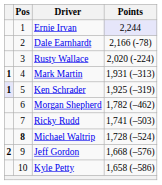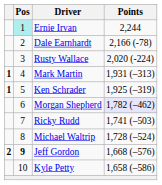 <table class="wikitable" style="font-size: 95%;">
 <tr>
 <th></th>
 <th>Pos</th>
 <th>Driver</th>
 <th>Points</th>
 </tr>
 <tr>
 <td align="left"></td>
-<td style="text-align:center;">1</td>
+<td style="background: paleturquoise; text-align:center;">1</td>
 <td><a href='#'>Ernie Irvan</a></td>
-<td style="background: lavender; text-align:center;">2,244</td>
+<td style="text-align:center;">2,244</td>
 </tr>
 <tr>
 <td align="left"></td>
 <td style="text-align:center;">2</td>
 <td><a href='#'>Dale Earnhardt</a></td>
 <td style="text-align:center;">2,166 (-78)</td>
 </tr>
 <tr>
 <td align="left"></td>
 <td style="text-align:center;">3</td>
 <td><a href='#'>Rusty Wallace</a></td>
 <td style="text-align:center;">2,020 (-224)</td>
 </tr>
 <tr>
 <td align="left"> <strong>1</strong></td>
 <td style="text-align:center;">4</td>
 <td><a href='#'>Mark Martin</a></td>
 <td style="text-align:center;">1,931 (–313)</td>
 </tr>
 <tr>
-<td align="left" style="background: lavender;"> <strong>1</strong></td>
+<td align="left"> <strong>1</strong></td>
 <td style="text-align:center;">5</td>
 <td><a href='#'>Ken Schrader</a></td>
 <td style="text-align:center;">1,925 (–319)</td>
 </tr>
 <tr>
 <td align="left"></td>
 <td style="text-align:center;">6</td>
 <td><a href='#'>Morgan Shepherd</a></td>
-<td style="text-align:center;">1,782 (–462)</td>
+<td style="background: lavender; text-align:center;">1,782 (–462)</td>
 </tr>
 <tr>
 <td align="left"></td>
 <td style="text-align:center;">7</td>
 <td><a href='#'>Ricky Rudd</a></td>
 <td style="text-align:center;">1,741 (–503)</td>
 </tr>
 <tr>
 <td align="left"></td>
-<td style="text-align:center;"><strong>8</strong></td>
+<td style="text-align:center;">8</td>
 <td><a href='#'>Michael Waltrip</a></td>
 <td style="text-align:center;">1,728 (–524)</td>
 </tr>
 <tr>
 <td align="left"> <strong>2</strong></td>
-<td style="text-align:center;">9</td>
+<td style="text-align:center;"><strong>9</strong></td>
 <td><a href='#'>Jeff Gordon</a></td>
 <td style="text-align:center;">1,668 (–576)</td>
 </tr>
 <tr>
 <td align="left"></td>
 <td style="text-align:center;">10</td>
 <td><a href='#'>Kyle Petty</a></td>
 <td style="text-align:center;">1,658 (–586)</td>
 </tr>
 <tr class="sortbottom">
 <th colspan="9"></th>
 </tr>
 </table>
